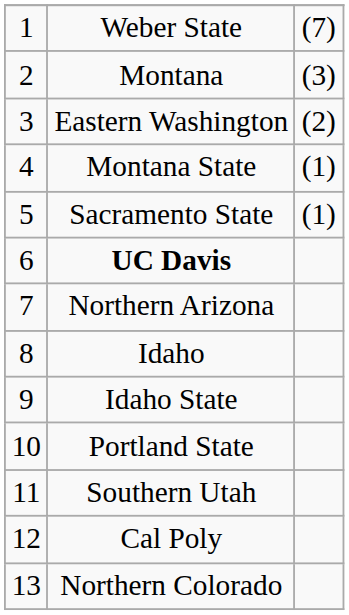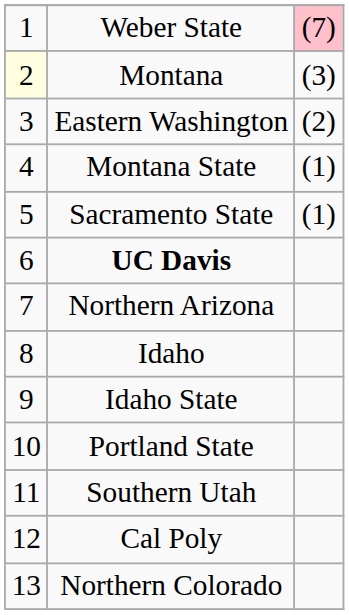 <table class="wikitable" style="display: inline-table;">
 <tr align="center">
 </tr>
 <tr align="center">
 <td>1</td>
 <td>Weber State</td>
-<td>(7)</td>
+<td style="background: pink;">(7)</td>
 </tr>
 <tr align="center">
-<td>2</td>
+<td style="background: lightyellow;">2</td>
 <td>Montana</td>
 <td>(3)</td>
 </tr>
 <tr align="center">
 <td>3</td>
 <td>Eastern Washington</td>
 <td>(2)</td>
 </tr>
 <tr align="center">
 <td>4</td>
 <td>Montana State</td>
 <td>(1)</td>
 </tr>
 <tr align="center">
 <td>5</td>
 <td>Sacramento State</td>
 <td>(1)</td>
 </tr>
 <tr align="center">
 <td>6</td>
 <td><strong>UC Davis</strong></td>
 <td></td>
 </tr>
 <tr align="center">
 <td>7</td>
 <td>Northern Arizona</td>
 <td></td>
 </tr>
 <tr align="center">
 <td>8</td>
 <td>Idaho</td>
 <td></td>
 </tr>
 <tr align="center">
 <td>9</td>
 <td>Idaho State</td>
 <td></td>
 </tr>
 <tr align="center">
 <td>10</td>
 <td>Portland State</td>
 <td></td>
 </tr>
 <tr align="center">
 <td>11</td>
 <td>Southern Utah</td>
 <td></td>
 </tr>
 <tr align="center">
 <td>12</td>
 <td>Cal Poly</td>
 <td></td>
 </tr>
 <tr align="center">
 <td>13</td>
 <td>Northern Colorado</td>
 <td></td>
 </tr>
 </table>
